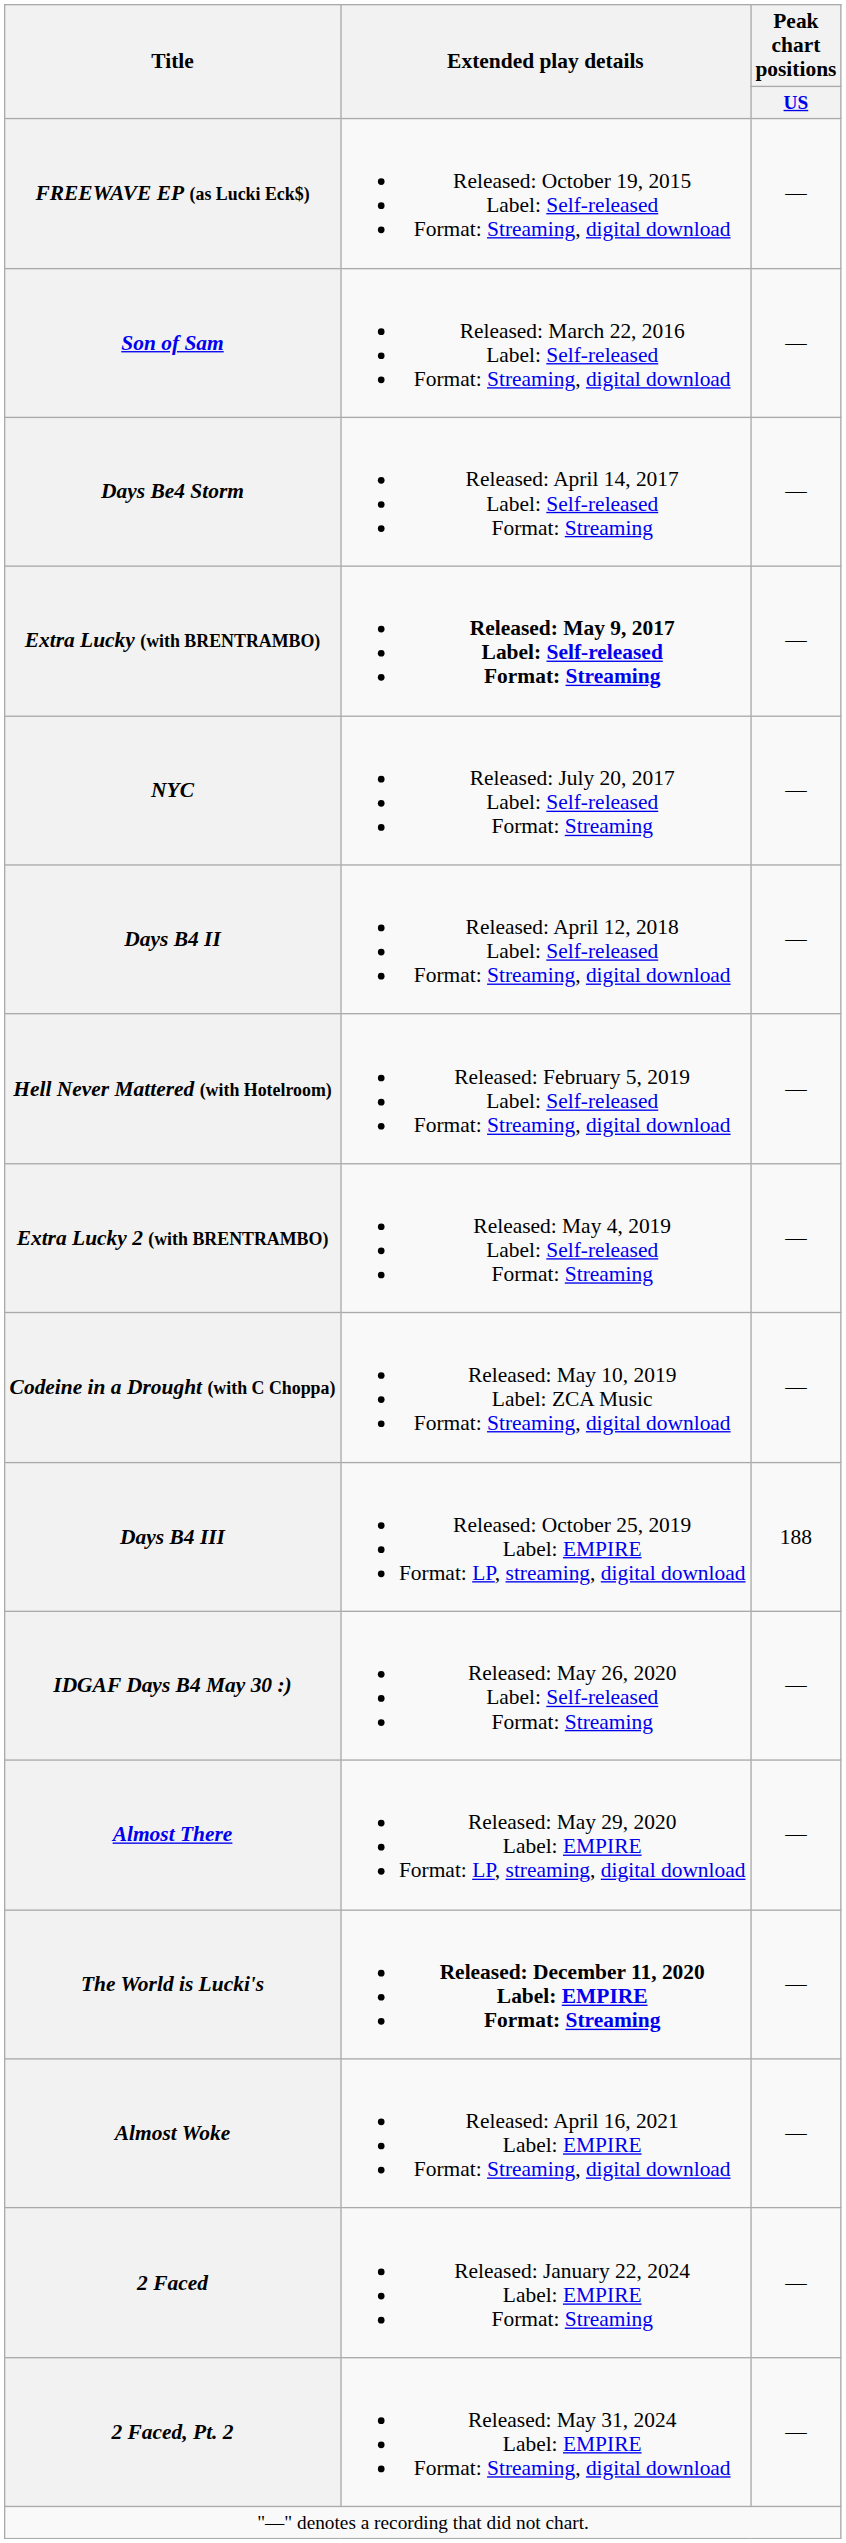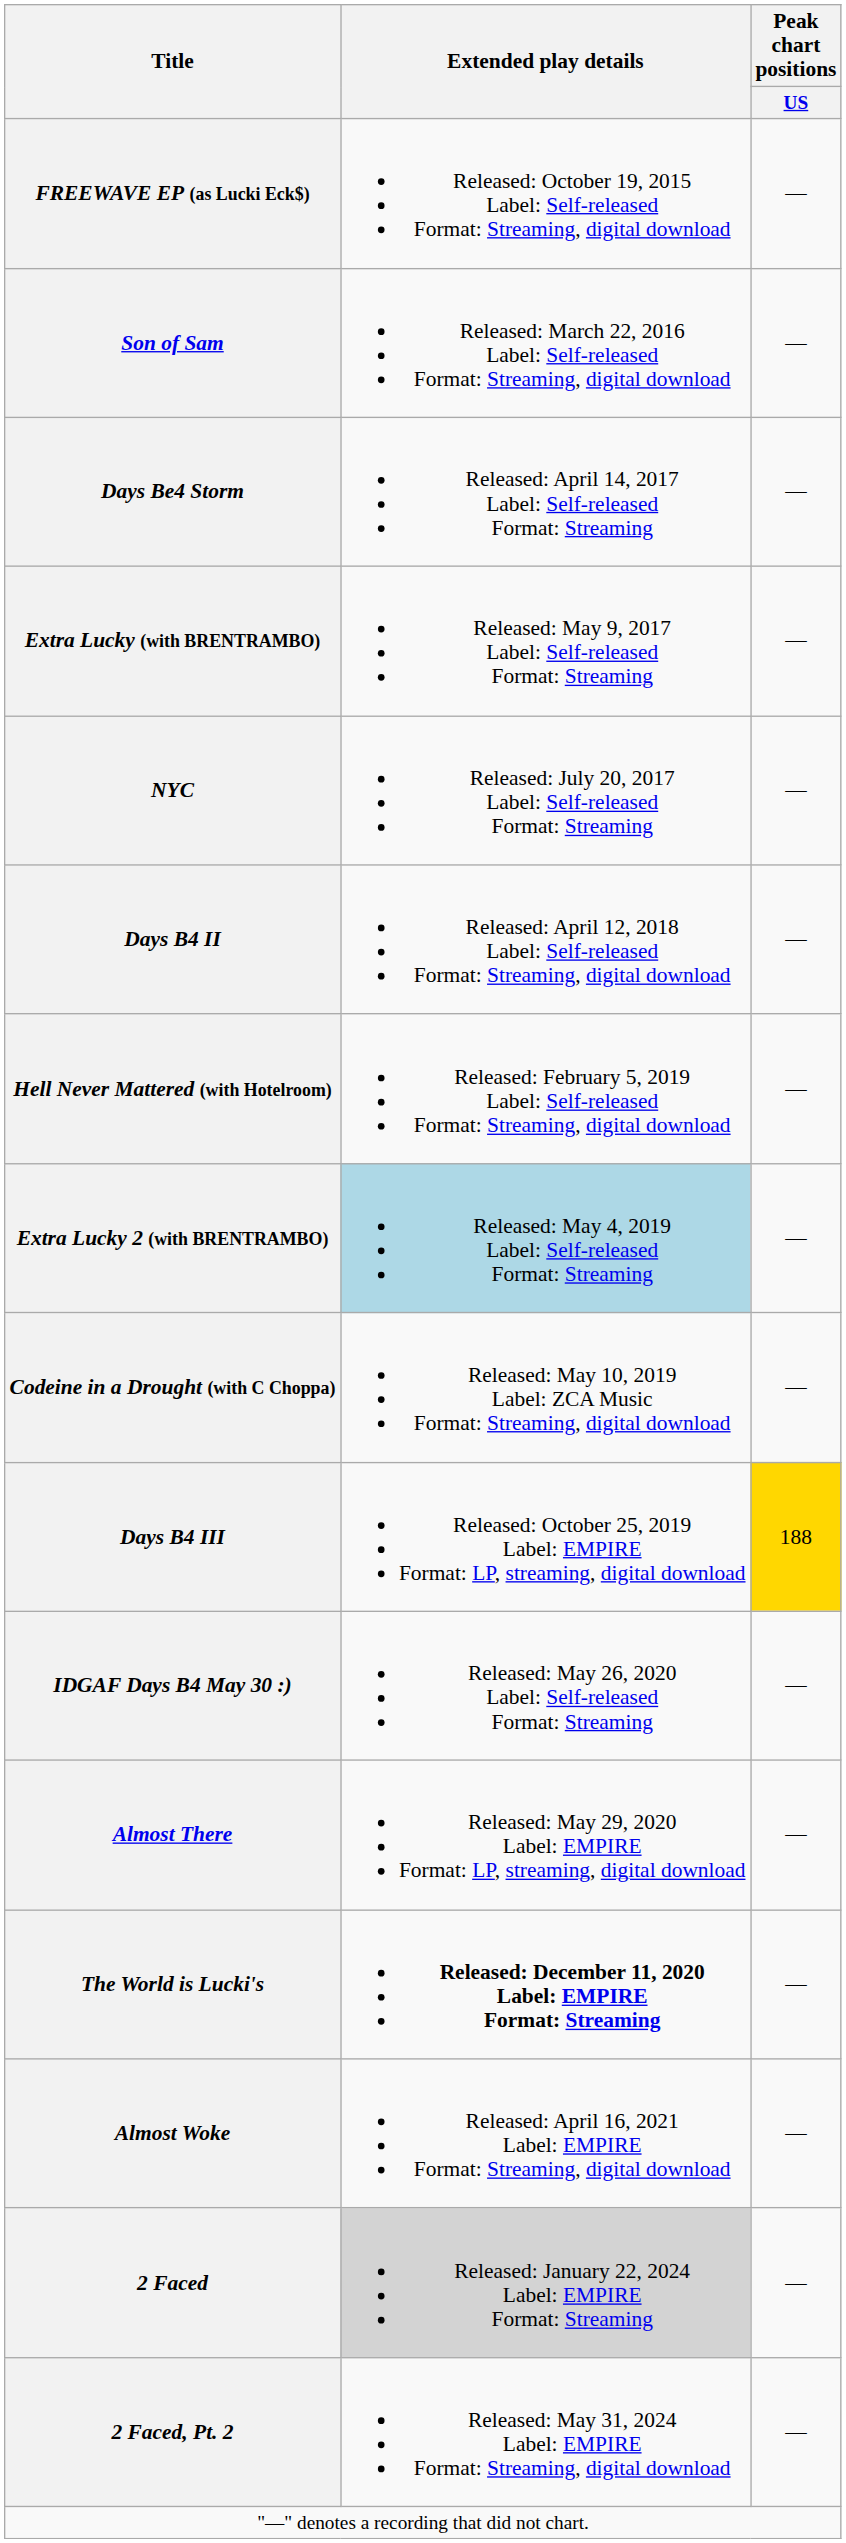 <table class="wikitable plainrowheaders" style="text-align:center;">
 <tr>
 <th scope="col" rowspan="2">Title</th>
 <th scope="col" rowspan="2">Extended play details</th>
 <th scope="col" colspan="2">Peak chart positions</th>
 </tr>
 <tr>
 <th scope="col" style="width:3em;font-size:90%;"><a href='#'>US</a><br></th>
 </tr>
 <tr>
 <th scope="row"><em>FREEWAVE EP</em> <small>(as Lucki Eck$)</small></th>
 <td><br><ul><li>Released: October 19, 2015</li><li>Label: <a href='#'>Self-released</a></li><li>Format: <a href='#'>Streaming</a>, <a href='#'>digital download</a></li></ul></td>
 <td>—</td>
 </tr>
 <tr>
 <th scope="row"><em><a href='#'>Son of Sam</a></em></th>
 <td><br><ul><li>Released: March 22, 2016</li><li>Label: <a href='#'>Self-released</a></li><li>Format: <a href='#'>Streaming</a>, <a href='#'>digital download</a></li></ul></td>
 <td>—</td>
 </tr>
 <tr>
 <th scope="row"><em>Days Be4 Storm</em></th>
 <td><br><ul><li>Released: April 14, 2017</li><li>Label: <a href='#'>Self-released</a></li><li>Format: <a href='#'>Streaming</a></li></ul></td>
 <td>—</td>
 </tr>
 <tr>
 <th scope="row"><em>Extra Lucky</em> <small>(with BRENTRAMBO)</small></th>
-<td><strong><br><ul><li>Released: May 9, 2017</li><li>Label: <a href='#'>Self-released</a></li><li>Format: <a href='#'>Streaming</a></li></ul></strong></td>
+<td><br><ul><li>Released: May 9, 2017</li><li>Label: <a href='#'>Self-released</a></li><li>Format: <a href='#'>Streaming</a></li></ul></td>
 <td>—</td>
 </tr>
 <tr>
 <th scope="row"><em>NYC</em></th>
 <td><br><ul><li>Released: July 20, 2017</li><li>Label: <a href='#'>Self-released</a></li><li>Format: <a href='#'>Streaming</a></li></ul></td>
 <td>—</td>
 </tr>
 <tr>
 <th scope="row"><em>Days B4 II</em></th>
 <td><br><ul><li>Released: April 12, 2018</li><li>Label: <a href='#'>Self-released</a></li><li>Format: <a href='#'>Streaming</a>, <a href='#'>digital download</a></li></ul></td>
 <td>—</td>
 </tr>
 <tr>
 <th scope="row"><em>Hell Never Mattered</em> <small>(with Hotelroom)</small></th>
 <td><br><ul><li>Released: February 5, 2019</li><li>Label: <a href='#'>Self-released</a></li><li>Format: <a href='#'>Streaming</a>, <a href='#'>digital download</a></li></ul></td>
 <td>—</td>
 </tr>
 <tr>
 <th scope="row"><em>Extra Lucky 2</em> <small>(with BRENTRAMBO)</small></th>
-<td><br><ul><li>Released: May 4, 2019</li><li>Label: <a href='#'>Self-released</a></li><li>Format: <a href='#'>Streaming</a></li></ul></td>
+<td style="background: lightblue;"><br><ul><li>Released: May 4, 2019</li><li>Label: <a href='#'>Self-released</a></li><li>Format: <a href='#'>Streaming</a></li></ul></td>
 <td>—</td>
 </tr>
 <tr>
 <th scope="row"><em>Codeine in a Drought</em> <small>(with C Choppa)</small></th>
 <td><br><ul><li>Released: May 10, 2019</li><li>Label: ZCA Music</li><li>Format: <a href='#'>Streaming</a>, <a href='#'>digital download</a></li></ul></td>
 <td>—</td>
 </tr>
 <tr>
 <th scope="row"><em>Days B4 III</em>  </th>
 <td><br><ul><li>Released: October 25, 2019</li><li>Label: <a href='#'>EMPIRE</a></li><li>Format: <a href='#'>LP</a>, <a href='#'>streaming</a>, <a href='#'>digital download</a></li></ul></td>
-<td>188</td>
+<td style="background: gold;">188</td>
 </tr>
 <tr>
 <th scope="row"><em>IDGAF Days B4 May 30 :)</em></th>
 <td><br><ul><li>Released: May 26, 2020</li><li>Label: <a href='#'>Self-released</a></li><li>Format: <a href='#'>Streaming</a></li></ul></td>
 <td>—</td>
 </tr>
 <tr>
 <th scope="row"><em><a href='#'>Almost There</a></em> </th>
 <td><br><ul><li>Released: May 29, 2020</li><li>Label: <a href='#'>EMPIRE</a></li><li>Format: <a href='#'>LP</a>, <a href='#'>streaming</a>, <a href='#'>digital download</a></li></ul></td>
 <td>—</td>
 </tr>
 <tr>
 <th scope="row"><em>The World is Lucki's</em></th>
 <td><strong><br><ul><li>Released: December 11, 2020</li><li>Label: <a href='#'>EMPIRE</a></li><li>Format: <a href='#'>Streaming</a></li></ul></strong></td>
 <td>—</td>
 </tr>
 <tr>
 <th scope="row"><em>Almost Woke</em></th>
 <td><br><ul><li>Released: April 16, 2021</li><li>Label: <a href='#'>EMPIRE</a></li><li>Format: <a href='#'>Streaming</a>, <a href='#'>digital download</a></li></ul></td>
 <td>—</td>
 </tr>
 <tr>
 <th scope="row"><em>2 Faced</em></th>
-<td><br><ul><li>Released: January 22, 2024</li><li>Label: <a href='#'>EMPIRE</a></li><li>Format: <a href='#'>Streaming</a></li></ul></td>
+<td style="background: lightgrey;"><br><ul><li>Released: January 22, 2024</li><li>Label: <a href='#'>EMPIRE</a></li><li>Format: <a href='#'>Streaming</a></li></ul></td>
 <td>—</td>
 </tr>
 <tr>
 <th scope="row"><em>2 Faced, Pt. 2</em></th>
 <td><br><ul><li>Released: May 31, 2024</li><li>Label: <a href='#'>EMPIRE</a></li><li>Format: <a href='#'>Streaming</a>, <a href='#'>digital download</a></li></ul></td>
 <td>—</td>
 </tr>
 <tr>
 <td colspan="9" style="font-size:90%">"—" denotes a recording that did not chart.</td>
 </tr>
 </table>
